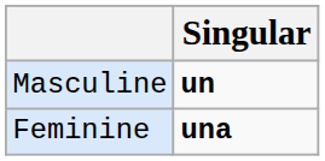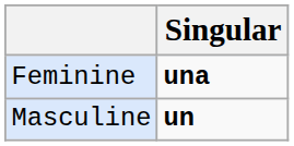 <table class="wikitable">
 <tr style="font-style:normal; font-weight:normal; background-color:#dae8fc;">
 <th></th>
 <th style="font-family:serif !important;">Singular</th>
 </tr>
 <tr>
+<td style="background-color:#dae8fc; font-style:normal; font-weight:normal;">Feminine</td>
+<td><strong>una</strong></td>
+</tr>
+<tr>
 <td style="background-color:#dae8fc; font-style:normal; font-weight:normal;">Masculine</td>
 <td><strong>un</strong></td>
 </tr>
-<tr>
-<td style="background-color:#dae8fc; font-style:normal; font-weight:normal;">Feminine</td>
-<td><strong>una</strong></td>
-</tr>
 </table>
